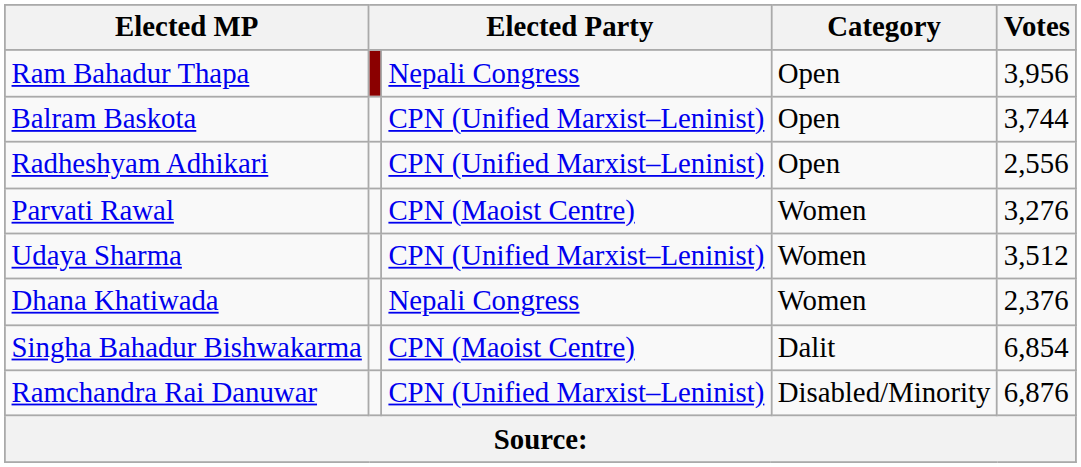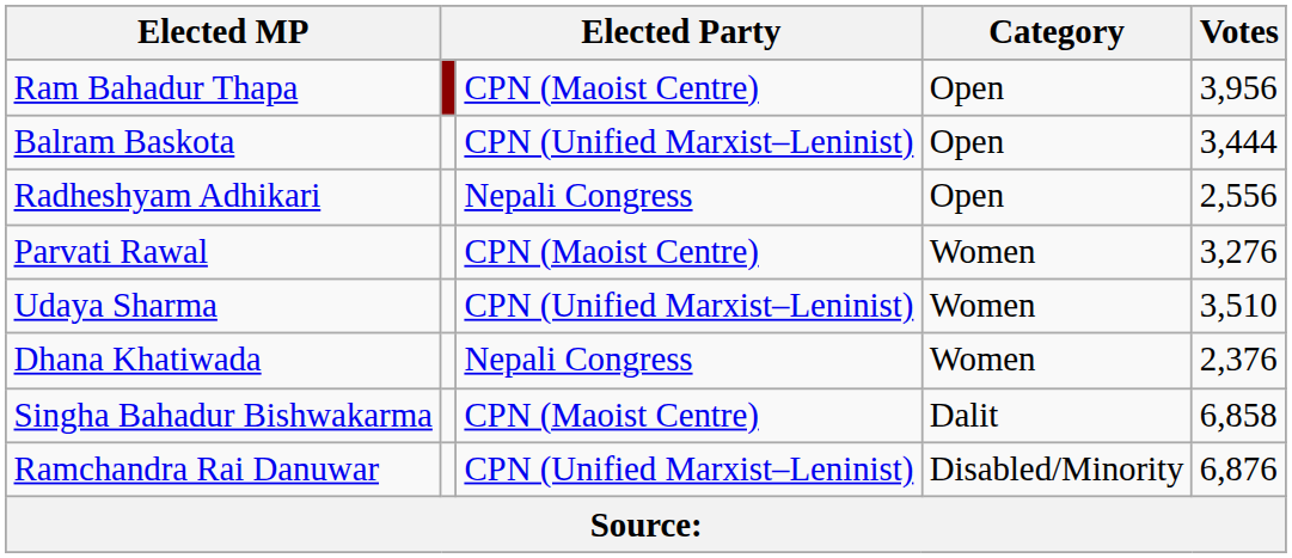 <table class="wikitable sortable">
 <tr>
 <th>Elected MP</th>
 <th colspan="2">Elected Party</th>
 <th>Category</th>
 <th>Votes</th>
 </tr>
 <tr>
 <td><a href='#'>Ram Bahadur Thapa</a></td>
 <td bgcolor="8B0000"></td>
-<td><a href='#'>Nepali Congress</a></td>
+<td><a href='#'>CPN (Maoist Centre)</a></td>
 <td>Open</td>
 <td>3,956</td>
 </tr>
 <tr>
 <td><a href='#'>Balram Baskota</a></td>
 <td></td>
 <td><a href='#'>CPN (Unified Marxist–Leninist)</a></td>
 <td>Open</td>
-<td>3,744</td>
+<td>3,444</td>
 </tr>
 <tr>
 <td><a href='#'>Radheshyam Adhikari</a></td>
 <td></td>
-<td><a href='#'>CPN (Unified Marxist–Leninist)</a></td>
+<td><a href='#'>Nepali Congress</a></td>
 <td>Open</td>
 <td>2,556</td>
 </tr>
 <tr>
 <td><a href='#'>Parvati Rawal</a></td>
 <td></td>
 <td><a href='#'>CPN (Maoist Centre)</a></td>
 <td>Women</td>
 <td>3,276</td>
 </tr>
 <tr>
 <td><a href='#'>Udaya Sharma</a></td>
 <td></td>
 <td><a href='#'>CPN (Unified Marxist–Leninist)</a></td>
 <td>Women</td>
-<td>3,512</td>
+<td>3,510</td>
 </tr>
 <tr>
 <td><a href='#'>Dhana Khatiwada</a></td>
 <td></td>
 <td><a href='#'>Nepali Congress</a></td>
 <td>Women</td>
 <td>2,376</td>
 </tr>
 <tr>
 <td><a href='#'>Singha Bahadur Bishwakarma</a></td>
 <td></td>
 <td><a href='#'>CPN (Maoist Centre)</a></td>
 <td>Dalit</td>
-<td>6,854</td>
+<td>6,858</td>
 </tr>
 <tr>
 <td><a href='#'>Ramchandra Rai Danuwar</a></td>
 <td></td>
 <td><a href='#'>CPN (Unified Marxist–Leninist)</a></td>
 <td>Disabled/Minority</td>
 <td>6,876</td>
 </tr>
 <tr>
 <th colspan="5">Source: </th>
 </tr>
 </table>
